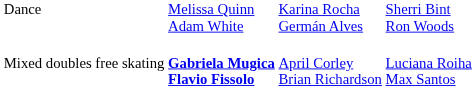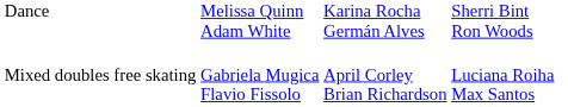 <table>
 <tr>
 <td>Dance <br></td>
 <td><br><a href='#'>Melissa Quinn</a><br><a href='#'>Adam White</a></td>
 <td><br><a href='#'>Karina Rocha</a><br><a href='#'>Germán Alves</a></td>
 <td><br><a href='#'>Sherri Bint</a><br><a href='#'>Ron Woods</a></td>
 </tr>
 <tr>
 <td>Mixed doubles free skating <br></td>
-<td><strong><br><a href='#'>Gabriela Mugica</a><br><a href='#'>Flavio Fissolo</a></strong></td>
+<td><br><a href='#'>Gabriela Mugica</a><br><a href='#'>Flavio Fissolo</a></td>
 <td><br><a href='#'>April Corley</a><br><a href='#'>Brian Richardson</a></td>
 <td><br><a href='#'>Luciana Roiha</a><br><a href='#'>Max Santos</a></td>
 </tr>
 </table>
